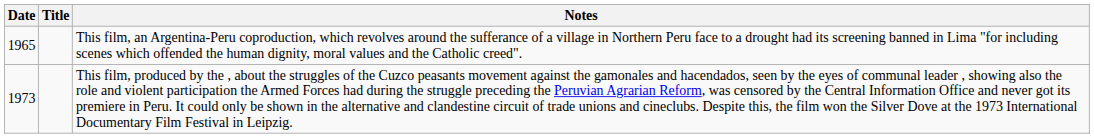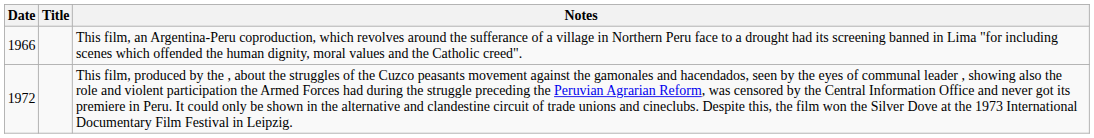 <table class="wikitable sortable">
 <tr>
 <th>Date</th>
 <th>Title</th>
 <th>Notes</th>
 </tr>
 <tr>
-<td>1965</td>
+<td>1966</td>
 <td></td>
 <td>This film, an Argentina-Peru coproduction, which revolves around the sufferance of a village in Northern Peru face to a drought had its screening banned in Lima "for including scenes which offended the human dignity, moral values and the Catholic creed".</td>
 </tr>
 <tr>
-<td>1973</td>
+<td>1972</td>
 <td></td>
 <td>This film, produced by the , about the struggles of the Cuzco peasants movement against the gamonales and hacendados, seen by the eyes of communal leader , showing also the role and violent participation the Armed Forces had during the struggle preceding the <a href='#'>Peruvian Agrarian Reform</a>, was censored by the Central Information Office and never got its premiere in Peru. It could only be shown in the alternative and clandestine circuit of trade unions and cineclubs. Despite this, the film won the Silver Dove at the 1973 International Documentary Film Festival in Leipzig.</td>
 </tr>
 </table>
